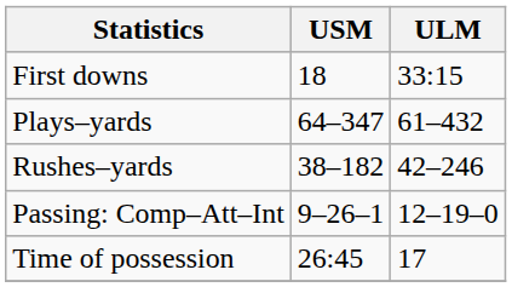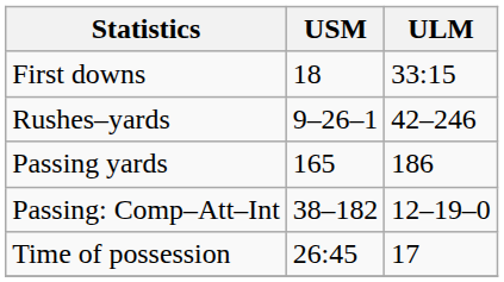 <table class="wikitable" style="float: left;">
 <tr>
 <th>Statistics</th>
 <th>USM</th>
 <th>ULM</th>
 </tr>
 <tr>
 <td>First downs</td>
 <td>18</td>
 <td>33:15</td>
 </tr>
 <tr>
-<td>Plays–yards</td>
-<td>64–347</td>
-<td>61–432</td>
-</tr>
-<tr>
 <td>Rushes–yards</td>
-<td>38–182</td>
+<td>9–26–1</td>
 <td>42–246</td>
 </tr>
 <tr>
+<td>Passing yards</td>
+<td>165</td>
+<td>186</td>
+</tr>
+<tr>
 <td>Passing: Comp–Att–Int</td>
-<td>9–26–1</td>
+<td>38–182</td>
 <td>12–19–0</td>
 </tr>
 <tr>
 <td>Time of possession</td>
 <td>26:45</td>
 <td>17</td>
 </tr>
 <tr>
 </tr>
 </table>
